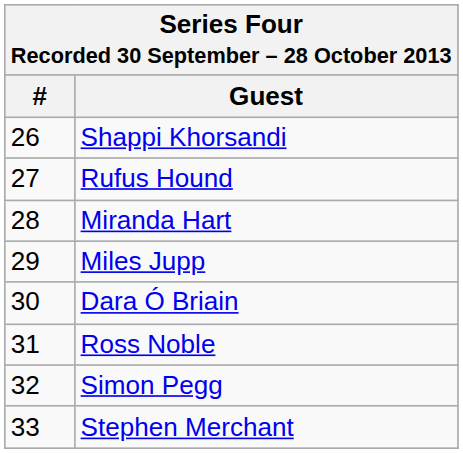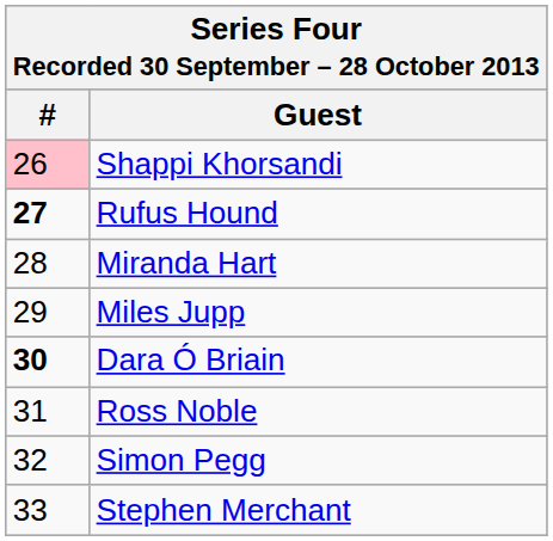 <table class="wikitable">
 <tr>
 <th colspan="3">Series Four<br><small>Recorded 30 September – 28 October 2013</small></th>
 </tr>
 <tr>
 <th>#</th>
 <th>Guest</th>
 </tr>
 <tr>
-<td>26</td>
+<td style="background: pink;">26</td>
 <td><a href='#'>Shappi Khorsandi</a></td>
 </tr>
 <tr>
-<td>27</td>
+<td><strong>27</strong></td>
 <td><a href='#'>Rufus Hound</a></td>
 </tr>
 <tr>
 <td>28</td>
 <td><a href='#'>Miranda Hart</a></td>
 </tr>
 <tr>
 <td>29</td>
 <td><a href='#'>Miles Jupp</a></td>
 </tr>
 <tr>
-<td>30</td>
+<td><strong>30</strong></td>
 <td><a href='#'>Dara Ó Briain</a></td>
 </tr>
 <tr>
 <td>31</td>
 <td><a href='#'>Ross Noble</a></td>
 </tr>
 <tr>
 <td>32</td>
 <td><a href='#'>Simon Pegg</a></td>
 </tr>
 <tr>
 <td>33</td>
 <td><a href='#'>Stephen Merchant</a></td>
 </tr>
 </table>
